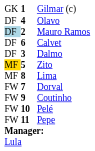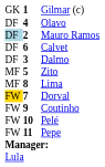 <table style="font-size: 90%" cellspacing="0" cellpadding="0" align=center>
 <tr>
 <td colspan="4"></td>
 </tr>
 <tr>
 <th width="25"></th>
 <th width="25"></th>
 </tr>
 <tr>
 <td>GK</td>
 <td><strong>1</strong></td>
 <td> <a href='#'>Gilmar</a> (c)</td>
 </tr>
 <tr>
 <td>DF</td>
 <td><strong>4</strong></td>
 <td> <a href='#'>Olavo</a></td>
 </tr>
 <tr>
 <td style="background: lightblue;">DF</td>
 <td><strong>2</strong></td>
 <td> <a href='#'>Mauro Ramos</a></td>
 </tr>
 <tr>
 <td>DF</td>
 <td><strong>6</strong></td>
 <td> <a href='#'>Calvet</a></td>
 </tr>
 <tr>
 <td>DF</td>
 <td><strong>3</strong></td>
 <td> <a href='#'>Dalmo</a></td>
 </tr>
 <tr>
-<td style="background: gold;">MF</td>
+<td>MF</td>
 <td><strong>5</strong></td>
 <td> <a href='#'>Zito</a></td>
 </tr>
 <tr>
 <td>MF</td>
 <td><strong>8</strong></td>
 <td> <a href='#'>Lima</a></td>
 </tr>
 <tr>
-<td>FW</td>
+<td style="background: gold;">FW</td>
 <td><strong>7</strong></td>
 <td> <a href='#'>Dorval</a></td>
 </tr>
 <tr>
 <td>FW</td>
 <td><strong>9</strong></td>
 <td> <a href='#'>Coutinho</a></td>
 </tr>
 <tr>
 <td>FW</td>
 <td><strong>10</strong></td>
 <td> <a href='#'>Pelé</a></td>
 </tr>
 <tr>
 <td>FW</td>
 <td><strong>11</strong></td>
 <td> <a href='#'>Pepe</a></td>
 </tr>
 <tr>
 <td colspan=3><strong>Manager:</strong></td>
 </tr>
 <tr>
 <td colspan=4> <a href='#'>Lula</a></td>
 </tr>
 </table>
